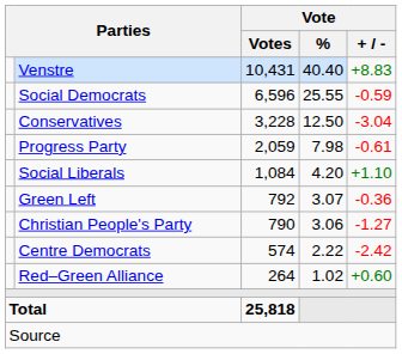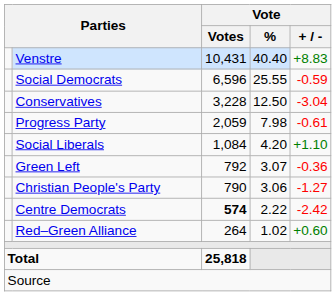 <table class="wikitable" style="text-align:right;">
 <tr>
 <th style="text-align:centre;" rowspan="2" colspan="2" width="225">Parties</th>
 <th colspan="3">Vote</th>
 </tr>
 <tr>
 <th width="15">Votes</th>
 <th width="15">%</th>
 <th width="15">+ / -</th>
 </tr>
 <tr>
 <td width="2" style="color:inherit;background:"></td>
 <td bgcolor=#cfe5fe  align="left"><a href='#'>Venstre</a></td>
 <td bgcolor=#cfe5fe>10,431</td>
 <td bgcolor=#cfe5fe>40.40</td>
 <td style=color:green;>+8.83</td>
 </tr>
 <tr>
 <td width="2" style="color:inherit;background:"></td>
 <td align="left"><a href='#'>Social Democrats</a></td>
 <td>6,596</td>
 <td>25.55</td>
 <td style=color:red;>-0.59</td>
 </tr>
 <tr>
 <td width="2" style="color:inherit;background:"></td>
 <td align="left"><a href='#'>Conservatives</a></td>
 <td>3,228</td>
 <td>12.50</td>
 <td style=color:red;>-3.04</td>
 </tr>
 <tr>
 <td width="2" style="color:inherit;background:"></td>
 <td align="left"><a href='#'>Progress Party</a></td>
 <td>2,059</td>
 <td>7.98</td>
 <td style=color:red;>-0.61</td>
 </tr>
 <tr>
 <td width="2" style="color:inherit;background:"></td>
 <td align="left"><a href='#'>Social Liberals</a></td>
 <td>1,084</td>
 <td>4.20</td>
 <td style=color:green;>+1.10</td>
 </tr>
 <tr>
 <td width="2" style="color:inherit;background:"></td>
 <td align="left"><a href='#'>Green Left</a></td>
 <td>792</td>
 <td>3.07</td>
 <td style=color:red;>-0.36</td>
 </tr>
 <tr>
 <td width="2" style="color:inherit;background:"></td>
 <td align="left"><a href='#'>Christian People's Party</a></td>
 <td>790</td>
 <td>3.06</td>
 <td style=color:red;>-1.27</td>
 </tr>
 <tr>
 <td width="2" style="color:inherit;background:"></td>
 <td align="left"><a href='#'>Centre Democrats</a></td>
-<td>574</td>
+<td><strong>574</strong></td>
 <td>2.22</td>
 <td style=color:red;>-2.42</td>
 </tr>
 <tr>
 <td width="2" style="color:inherit;background:"></td>
 <td align="left"><a href='#'>Red–Green Alliance</a></td>
 <td>264</td>
 <td>1.02</td>
 <td style=color:green;>+0.60</td>
 </tr>
 <tr>
 <td colspan="7" bgcolor="#E9E9E9"></td>
 </tr>
 <tr>
 <td align="left" colspan="2"><strong>Total</strong></td>
 <td><strong>25,818</strong></td>
 <td bgcolor="#E9E9E9" colspan="2"></td>
 </tr>
 <tr>
 <td align="left" colspan="6">Source</td>
 </tr>
 </table>
